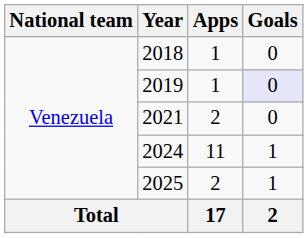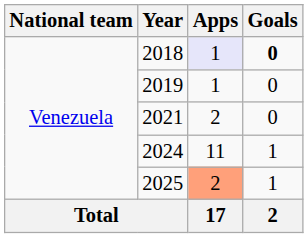 <table class="wikitable" style="text-align: center;">
 <tr>
 <th>National team</th>
 <th>Year</th>
 <th>Apps</th>
 <th>Goals</th>
 </tr>
 <tr>
 <td rowspan="5"><a href='#'>Venezuela</a></td>
 <td>2018</td>
-<td>1</td>
-<td>0</td>
+<td style="background: lavender;">1</td>
+<td><strong>0</strong></td>
 </tr>
 <tr>
 <td>2019</td>
 <td>1</td>
-<td style="background: lavender;">0</td>
+<td>0</td>
 </tr>
 <tr>
 <td>2021</td>
 <td>2</td>
 <td>0</td>
 </tr>
 <tr>
 <td>2024</td>
 <td>11</td>
 <td>1</td>
 </tr>
 <tr>
 <td>2025</td>
-<td>2</td>
+<td style="background: lightsalmon;">2</td>
 <td>1</td>
 </tr>
 <tr>
 <th colspan="2">Total</th>
 <th>17</th>
 <th>2</th>
 </tr>
 </table>
